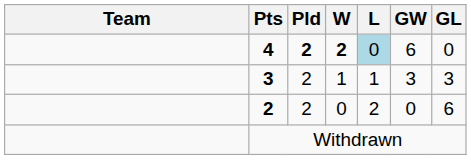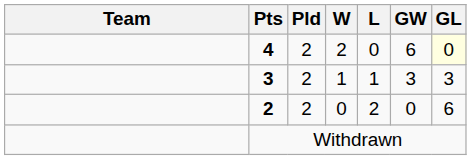 <table class="wikitable" style="text-align:center">
 <tr>
 <th width=200>Team</th>
 <th width=20>Pts</th>
 <th width=20>Pld</th>
 <th width=20>W</th>
 <th width=20>L</th>
 <th width=20>GW</th>
 <th width=20>GL</th>
 </tr>
 <tr>
 <td style="text-align:left;"></td>
 <td><strong>4</strong></td>
-<td><strong>2</strong></td>
-<td><strong>2</strong></td>
-<td style="background: lightblue;">0</td>
+<td>2</td>
+<td>2</td>
+<td>0</td>
 <td>6</td>
-<td>0</td>
+<td style="background: lightyellow;">0</td>
 </tr>
 <tr>
 <td style="text-align:left;"></td>
 <td><strong>3</strong></td>
 <td>2</td>
 <td>1</td>
 <td>1</td>
 <td>3</td>
 <td>3</td>
 </tr>
 <tr>
 <td style="text-align:left;"></td>
 <td><strong>2</strong></td>
 <td>2</td>
 <td>0</td>
 <td>2</td>
 <td>0</td>
 <td>6</td>
 </tr>
 <tr>
 <td style="text-align:left;"></td>
 <td colspan=6>Withdrawn</td>
 </tr>
 </table>
